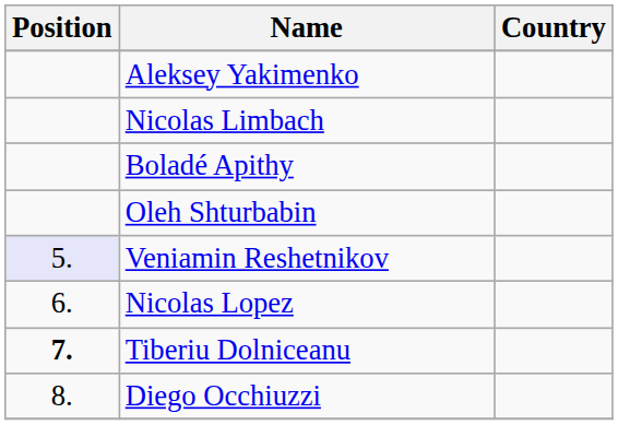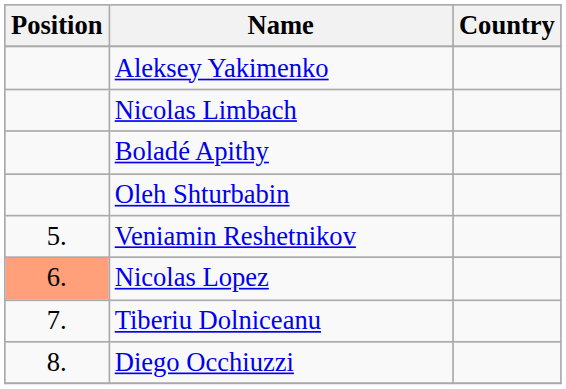 <table class="wikitable">
 <tr>
 <th width="20">Position</th>
 <th width="200">Name</th>
 <th>Country</th>
 </tr>
 <tr>
 </tr>
 <tr>
 <td align="center"></td>
 <td><a href='#'>Aleksey Yakimenko</a></td>
 <td></td>
 </tr>
 <tr>
 <td align="center"></td>
 <td><a href='#'>Nicolas Limbach</a></td>
 <td></td>
 </tr>
 <tr>
 <td align="center"></td>
 <td><a href='#'>Boladé Apithy</a></td>
 <td></td>
 </tr>
 <tr>
 <td align="center"></td>
 <td><a href='#'>Oleh Shturbabin</a></td>
 <td></td>
 </tr>
 <tr>
-<td align="center" style="background: lavender;">5.</td>
+<td align="center">5.</td>
 <td><a href='#'>Veniamin Reshetnikov</a></td>
 <td></td>
 </tr>
 <tr>
-<td align="center">6.</td>
+<td align="center" style="background: lightsalmon;">6.</td>
 <td><a href='#'>Nicolas Lopez</a></td>
 <td></td>
 </tr>
 <tr>
-<td align="center"><strong>7.</strong></td>
+<td align="center">7.</td>
 <td><a href='#'>Tiberiu Dolniceanu</a></td>
 <td></td>
 </tr>
 <tr>
 <td align="center">8.</td>
 <td><a href='#'>Diego Occhiuzzi</a></td>
 <td></td>
 </tr>
 <tr>
 </tr>
 </table>
